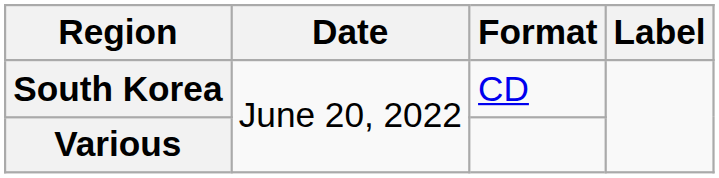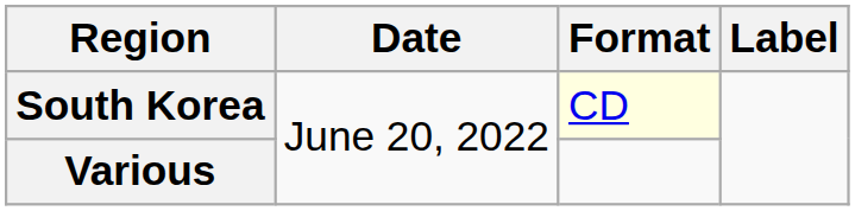 <table class="wikitable plainrowheaders">
 <tr>
 <th scope="col">Region</th>
 <th scope="col">Date</th>
 <th scope="col">Format</th>
 <th scope="col">Label</th>
 </tr>
 <tr>
 <th scope="row">South Korea</th>
 <td rowspan="2">June 20, 2022</td>
-<td><a href='#'>CD</a></td>
+<td style="background: lightyellow;"><a href='#'>CD</a></td>
 <td rowspan="2"></td>
 </tr>
 <tr>
 <th scope="row">Various </th>
 <td></td>
 </tr>
 </table>
